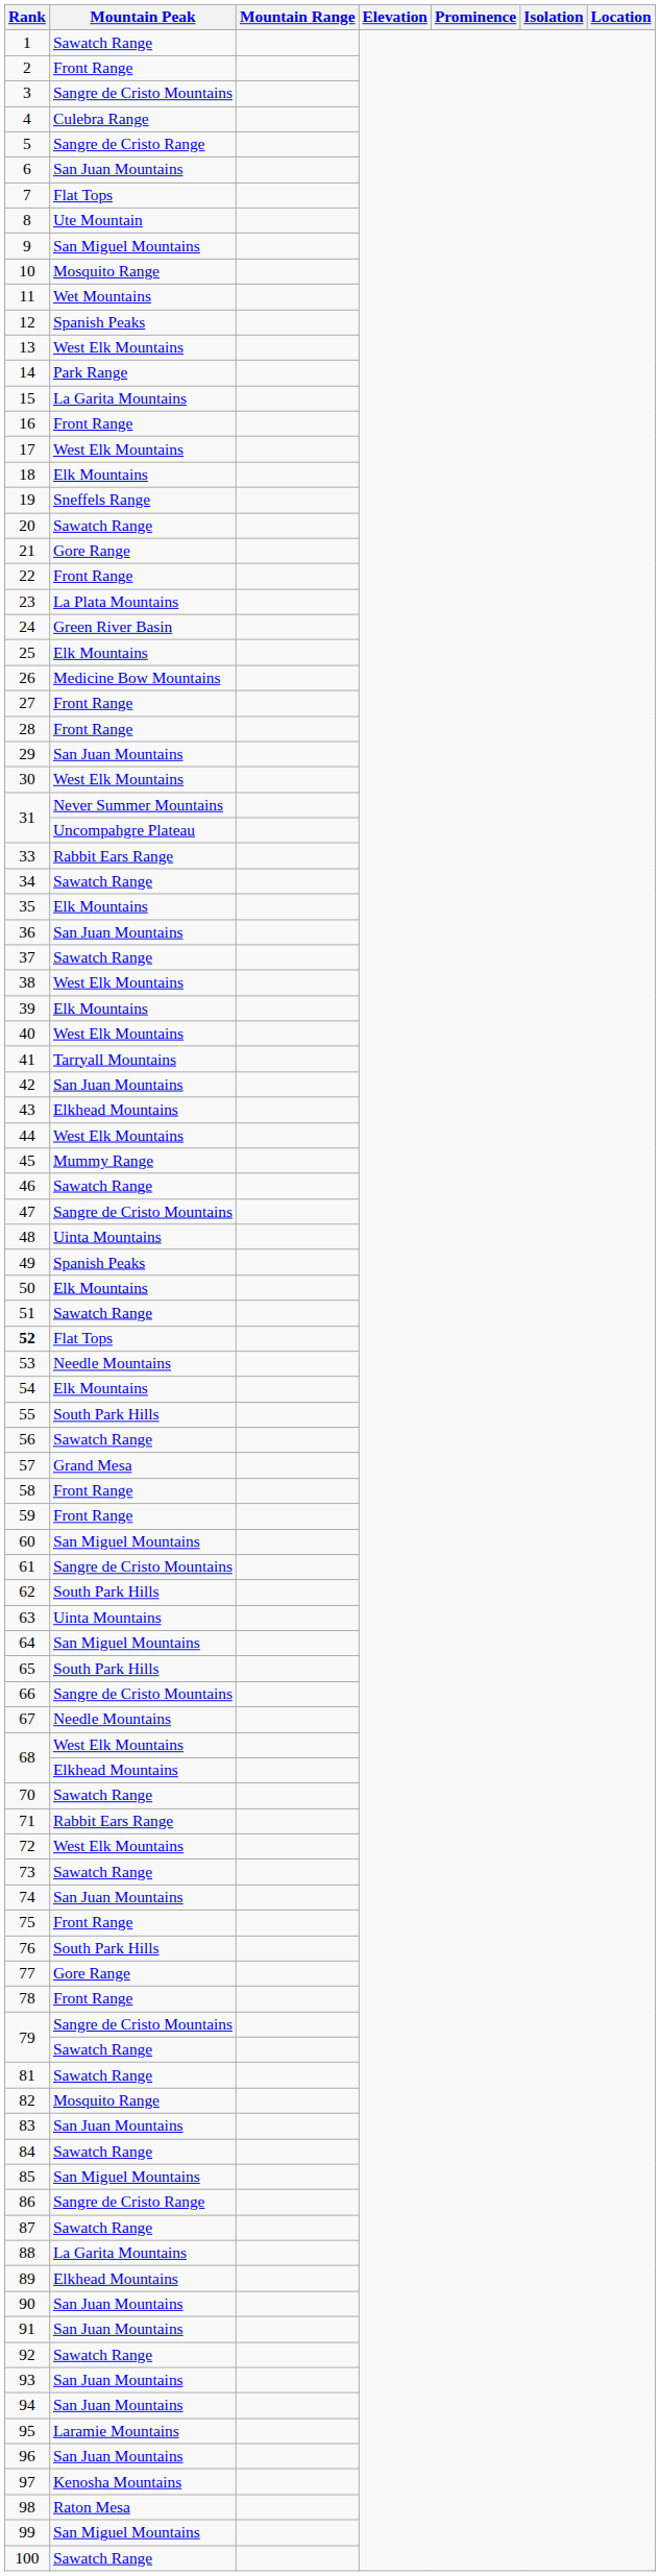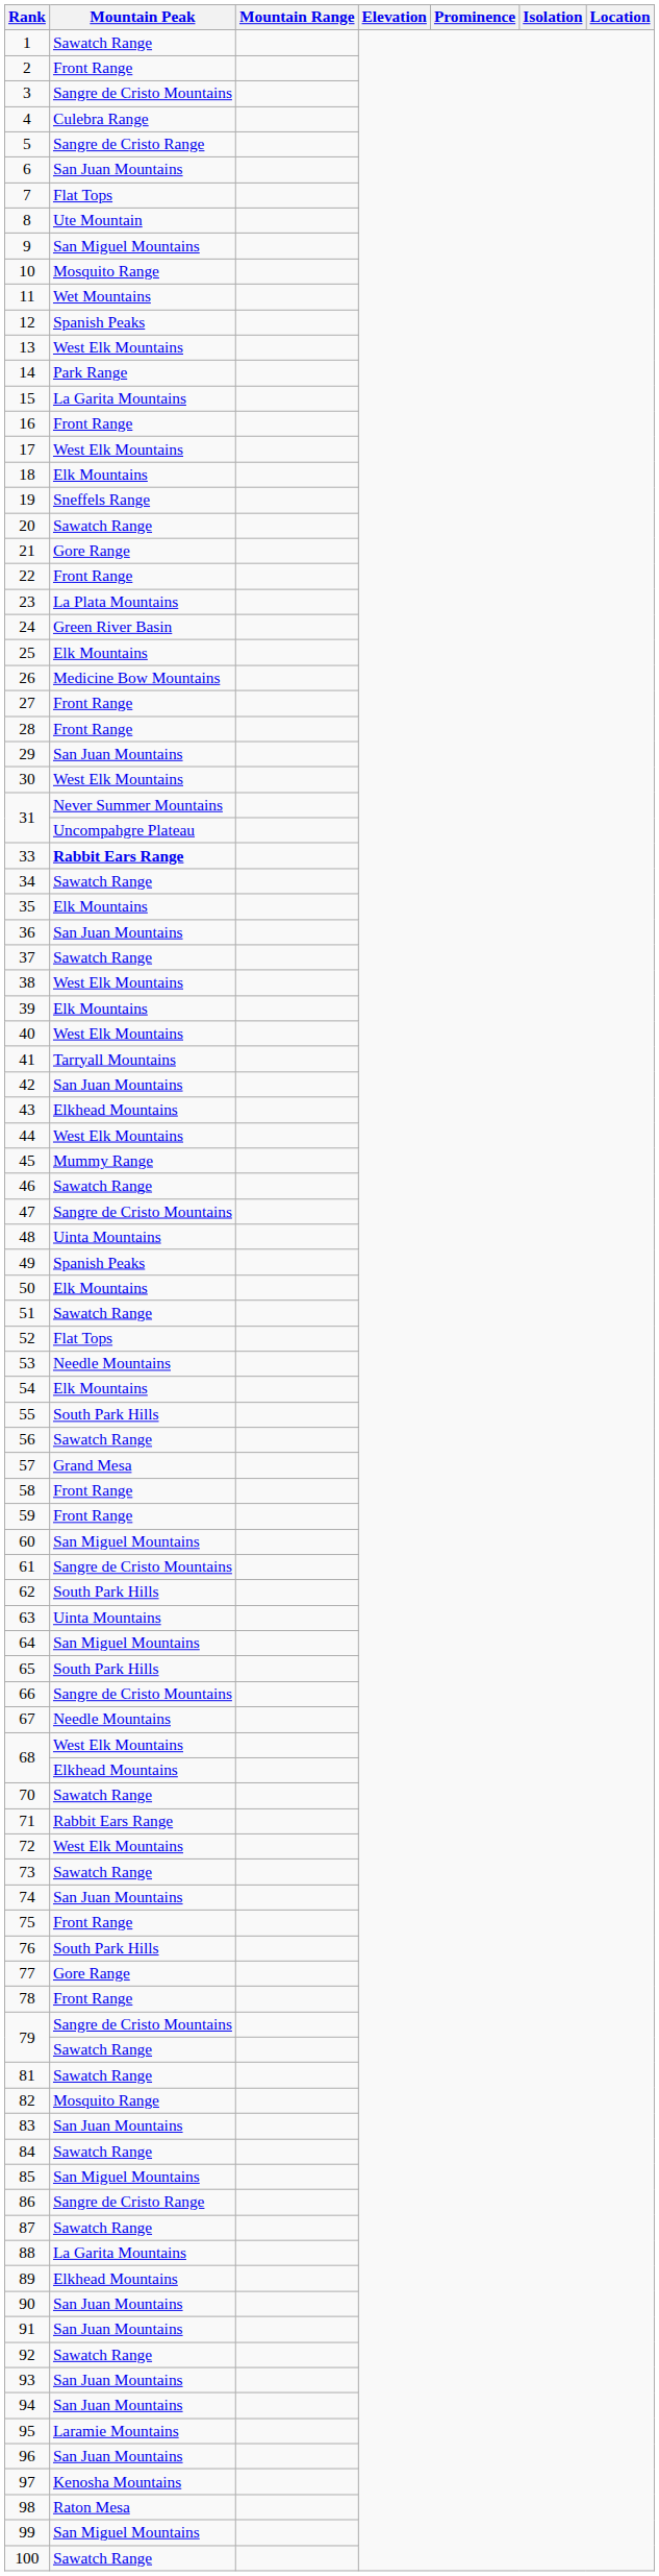 <table class="wikitable sortable">
 <tr>
 <th><a href='#'>Rank</a></th>
 <th><a href='#'>Mountain Peak</a></th>
 <th><a href='#'>Mountain Range</a></th>
 <th><a href='#'>Elevation</a></th>
 <th><a href='#'>Prominence</a></th>
 <th><a href='#'>Isolation</a></th>
 <th><a href='#'>Location</a></th>
 </tr>
 <tr>
 <td align=center>1<br></td>
 <td><a href='#'>Sawatch Range</a><br></td>
 <td></td>
 </tr>
 <tr>
 <td align=center>2<br></td>
 <td><a href='#'>Front Range</a><br></td>
 <td></td>
 </tr>
 <tr>
 <td align=center>3<br></td>
 <td><a href='#'>Sangre de Cristo Mountains</a><br></td>
 <td></td>
 </tr>
 <tr>
 <td align=center>4<br></td>
 <td><a href='#'>Culebra Range</a><br></td>
 <td></td>
 </tr>
 <tr>
 <td align=center>5<br></td>
 <td><a href='#'>Sangre de Cristo Range</a><br></td>
 <td></td>
 </tr>
 <tr>
 <td align=center>6<br></td>
 <td><a href='#'>San Juan Mountains</a><br></td>
 <td></td>
 </tr>
 <tr>
 <td align=center>7<br></td>
 <td><a href='#'>Flat Tops</a><br></td>
 <td></td>
 </tr>
 <tr>
 <td align=center>8<br></td>
 <td><a href='#'>Ute Mountain</a><br></td>
 <td></td>
 </tr>
 <tr>
 <td align=center>9<br></td>
 <td><a href='#'>San Miguel Mountains</a><br></td>
 <td></td>
 </tr>
 <tr>
 <td align=center>10<br></td>
 <td><a href='#'>Mosquito Range</a><br></td>
 <td></td>
 </tr>
 <tr>
 <td align=center>11<br></td>
 <td><a href='#'>Wet Mountains</a><br></td>
 <td></td>
 </tr>
 <tr>
 <td align=center>12<br></td>
 <td><a href='#'>Spanish Peaks</a><br></td>
 <td></td>
 </tr>
 <tr>
 <td align=center>13<br></td>
 <td><a href='#'>West Elk Mountains</a><br></td>
 <td></td>
 </tr>
 <tr>
 <td align=center>14<br></td>
 <td><a href='#'>Park Range</a><br></td>
 <td></td>
 </tr>
 <tr>
 <td align=center>15<br></td>
 <td><a href='#'>La Garita Mountains</a><br></td>
 <td></td>
 </tr>
 <tr>
 <td align=center>16<br></td>
 <td><a href='#'>Front Range</a><br></td>
 <td></td>
 </tr>
 <tr>
 <td align=center>17<br></td>
 <td><a href='#'>West Elk Mountains</a><br></td>
 <td></td>
 </tr>
 <tr>
 <td align=center>18<br></td>
 <td><a href='#'>Elk Mountains</a><br></td>
 <td></td>
 </tr>
 <tr>
 <td align=center>19<br></td>
 <td><a href='#'>Sneffels Range</a><br></td>
 <td></td>
 </tr>
 <tr>
 <td align=center>20<br></td>
 <td><a href='#'>Sawatch Range</a><br></td>
 <td></td>
 </tr>
 <tr>
 <td align=center>21<br></td>
 <td><a href='#'>Gore Range</a><br></td>
 <td></td>
 </tr>
 <tr>
 <td align=center>22<br></td>
 <td><a href='#'>Front Range</a><br></td>
 <td></td>
 </tr>
 <tr>
 <td align=center>23<br></td>
 <td><a href='#'>La Plata Mountains</a><br></td>
 <td></td>
 </tr>
 <tr>
 <td align=center>24<br></td>
 <td><a href='#'>Green River Basin</a><br></td>
 <td></td>
 </tr>
 <tr>
 <td align=center>25<br></td>
 <td><a href='#'>Elk Mountains</a><br></td>
 <td></td>
 </tr>
 <tr>
 <td align=center>26<br></td>
 <td><a href='#'>Medicine Bow Mountains</a><br></td>
 <td></td>
 </tr>
 <tr>
 <td align=center>27<br></td>
 <td><a href='#'>Front Range</a><br></td>
 <td></td>
 </tr>
 <tr>
 <td align=center>28<br></td>
 <td><a href='#'>Front Range</a><br></td>
 <td></td>
 </tr>
 <tr>
 <td align=center>29<br></td>
 <td><a href='#'>San Juan Mountains</a><br></td>
 <td></td>
 </tr>
 <tr>
 <td align=center>30<br></td>
 <td><a href='#'>West Elk Mountains</a><br></td>
 <td></td>
 </tr>
 <tr>
 <td align=center rowspan=2>31<br></td>
 <td><a href='#'>Never Summer Mountains</a><br></td>
 <td></td>
 </tr>
 <tr>
 <td><a href='#'>Uncompahgre Plateau</a><br></td>
 <td></td>
 </tr>
 <tr>
 <td align=center>33<br></td>
-<td><a href='#'>Rabbit Ears Range</a><br></td>
+<td><strong><a href='#'>Rabbit Ears Range</a><br></strong></td>
 <td></td>
 </tr>
 <tr>
 <td align=center>34<br></td>
 <td><a href='#'>Sawatch Range</a><br></td>
 <td></td>
 </tr>
 <tr>
 <td align=center>35<br></td>
 <td><a href='#'>Elk Mountains</a><br></td>
 <td></td>
 </tr>
 <tr>
 <td align=center>36<br></td>
 <td><a href='#'>San Juan Mountains</a><br></td>
 <td></td>
 </tr>
 <tr>
 <td align=center>37<br></td>
 <td><a href='#'>Sawatch Range</a><br></td>
 <td></td>
 </tr>
 <tr>
 <td align=center>38<br></td>
 <td><a href='#'>West Elk Mountains</a><br></td>
 <td></td>
 </tr>
 <tr>
 <td align=center>39<br></td>
 <td><a href='#'>Elk Mountains</a><br></td>
 <td></td>
 </tr>
 <tr>
 <td align=center>40<br></td>
 <td><a href='#'>West Elk Mountains</a><br></td>
 <td></td>
 </tr>
 <tr>
 <td align=center>41<br></td>
 <td><a href='#'>Tarryall Mountains</a><br></td>
 <td></td>
 </tr>
 <tr>
 <td align=center>42<br></td>
 <td><a href='#'>San Juan Mountains</a><br></td>
 <td></td>
 </tr>
 <tr>
 <td align=center>43<br></td>
 <td><a href='#'>Elkhead Mountains</a><br></td>
 <td></td>
 </tr>
 <tr>
 <td align=center>44<br></td>
 <td><a href='#'>West Elk Mountains</a><br></td>
 <td></td>
 </tr>
 <tr>
 <td align=center>45<br></td>
 <td><a href='#'>Mummy Range</a><br></td>
 <td></td>
 </tr>
 <tr>
 <td align=center>46<br></td>
 <td><a href='#'>Sawatch Range</a><br></td>
 <td></td>
 </tr>
 <tr>
 <td align=center>47<br></td>
 <td><a href='#'>Sangre de Cristo Mountains</a><br></td>
 <td></td>
 </tr>
 <tr>
 <td align=center>48<br></td>
 <td><a href='#'>Uinta Mountains</a><br></td>
 <td></td>
 </tr>
 <tr>
 <td align=center>49<br></td>
 <td><a href='#'>Spanish Peaks</a><br></td>
 <td></td>
 </tr>
 <tr>
 <td align=center>50<br></td>
 <td><a href='#'>Elk Mountains</a><br></td>
 <td></td>
 </tr>
 <tr>
 <td align=center>51<br></td>
 <td><a href='#'>Sawatch Range</a><br></td>
 <td></td>
 </tr>
 <tr>
-<td align=center><strong>52<br></strong></td>
+<td align=center>52<br></td>
 <td><a href='#'>Flat Tops</a><br></td>
 <td></td>
 </tr>
 <tr>
 <td align=center>53<br></td>
 <td><a href='#'>Needle Mountains</a><br></td>
 <td></td>
 </tr>
 <tr>
 <td align=center>54<br></td>
 <td><a href='#'>Elk Mountains</a><br></td>
 <td></td>
 </tr>
 <tr>
 <td align=center>55<br></td>
 <td><a href='#'>South Park Hills</a><br></td>
 <td></td>
 </tr>
 <tr>
 <td align=center>56<br></td>
 <td><a href='#'>Sawatch Range</a><br></td>
 <td></td>
 </tr>
 <tr>
 <td align=center>57<br></td>
 <td><a href='#'>Grand Mesa</a><br></td>
 <td></td>
 </tr>
 <tr>
 <td align=center>58<br></td>
 <td><a href='#'>Front Range</a><br></td>
 <td></td>
 </tr>
 <tr>
 <td align=center>59<br></td>
 <td><a href='#'>Front Range</a><br></td>
 <td></td>
 </tr>
 <tr>
 <td align=center>60<br></td>
 <td><a href='#'>San Miguel Mountains</a><br></td>
 <td></td>
 </tr>
 <tr>
 <td align=center>61<br></td>
 <td><a href='#'>Sangre de Cristo Mountains</a><br></td>
 <td></td>
 </tr>
 <tr>
 <td align=center>62<br></td>
 <td><a href='#'>South Park Hills</a><br></td>
 <td></td>
 </tr>
 <tr>
 <td align=center>63<br></td>
 <td><a href='#'>Uinta Mountains</a><br></td>
 <td></td>
 </tr>
 <tr>
 <td align=center>64<br></td>
 <td><a href='#'>San Miguel Mountains</a><br></td>
 <td></td>
 </tr>
 <tr>
 <td align=center>65<br></td>
 <td><a href='#'>South Park Hills</a><br></td>
 <td></td>
 </tr>
 <tr>
 <td align=center>66<br></td>
 <td><a href='#'>Sangre de Cristo Mountains</a><br></td>
 <td></td>
 </tr>
 <tr>
 <td align=center>67<br></td>
 <td><a href='#'>Needle Mountains</a><br></td>
 <td></td>
 </tr>
 <tr>
 <td align=center rowspan=2>68<br></td>
 <td><a href='#'>West Elk Mountains</a><br></td>
 <td></td>
 </tr>
 <tr>
 <td><a href='#'>Elkhead Mountains</a><br></td>
 <td></td>
 </tr>
 <tr>
 <td align=center>70<br></td>
 <td><a href='#'>Sawatch Range</a><br></td>
 <td></td>
 </tr>
 <tr>
 <td align=center>71<br></td>
 <td><a href='#'>Rabbit Ears Range</a><br></td>
 <td></td>
 </tr>
 <tr>
 <td align=center>72<br></td>
 <td><a href='#'>West Elk Mountains</a><br></td>
 <td></td>
 </tr>
 <tr>
 <td align=center>73<br></td>
 <td><a href='#'>Sawatch Range</a><br></td>
 <td></td>
 </tr>
 <tr>
 <td align=center>74<br></td>
 <td><a href='#'>San Juan Mountains</a><br></td>
 <td></td>
 </tr>
 <tr>
 <td align=center>75<br></td>
 <td><a href='#'>Front Range</a><br></td>
 <td></td>
 </tr>
 <tr>
 <td align=center>76<br></td>
 <td><a href='#'>South Park Hills</a><br></td>
 <td></td>
 </tr>
 <tr>
 <td align=center>77<br></td>
 <td><a href='#'>Gore Range</a><br></td>
 <td></td>
 </tr>
 <tr>
 <td align=center>78<br></td>
 <td><a href='#'>Front Range</a><br></td>
 <td></td>
 </tr>
 <tr>
 <td align=center rowspan=2>79<br></td>
 <td><a href='#'>Sangre de Cristo Mountains</a><br></td>
 <td></td>
 </tr>
 <tr>
 <td><a href='#'>Sawatch Range</a><br></td>
 <td></td>
 </tr>
 <tr>
 <td align=center>81<br></td>
 <td><a href='#'>Sawatch Range</a><br></td>
 <td></td>
 </tr>
 <tr>
 <td align=center>82<br></td>
 <td><a href='#'>Mosquito Range</a><br></td>
 <td></td>
 </tr>
 <tr>
 <td align=center>83<br></td>
 <td><a href='#'>San Juan Mountains</a><br></td>
 <td></td>
 </tr>
 <tr>
 <td align=center>84<br></td>
 <td><a href='#'>Sawatch Range</a><br></td>
 <td></td>
 </tr>
 <tr>
 <td align=center>85<br></td>
 <td><a href='#'>San Miguel Mountains</a><br></td>
 <td></td>
 </tr>
 <tr>
 <td align=center>86<br></td>
 <td><a href='#'>Sangre de Cristo Range</a><br></td>
 <td></td>
 </tr>
 <tr>
 <td align=center>87<br></td>
 <td><a href='#'>Sawatch Range</a><br></td>
 <td></td>
 </tr>
 <tr>
 <td align=center>88<br></td>
 <td><a href='#'>La Garita Mountains</a><br></td>
 <td></td>
 </tr>
 <tr>
 <td align=center>89<br></td>
 <td><a href='#'>Elkhead Mountains</a><br></td>
 <td></td>
 </tr>
 <tr>
 <td align=center>90<br></td>
 <td><a href='#'>San Juan Mountains</a><br></td>
 <td></td>
 </tr>
 <tr>
 <td align=center>91<br></td>
 <td><a href='#'>San Juan Mountains</a><br></td>
 <td></td>
 </tr>
 <tr>
 <td align=center>92<br></td>
 <td><a href='#'>Sawatch Range</a><br></td>
 <td></td>
 </tr>
 <tr>
 <td align=center>93<br></td>
 <td><a href='#'>San Juan Mountains</a><br></td>
 <td></td>
 </tr>
 <tr>
 <td align=center>94<br></td>
 <td><a href='#'>San Juan Mountains</a><br></td>
 <td></td>
 </tr>
 <tr>
 <td align=center>95<br></td>
 <td><a href='#'>Laramie Mountains</a><br></td>
 <td></td>
 </tr>
 <tr>
 <td align=center>96<br></td>
 <td><a href='#'>San Juan Mountains</a><br></td>
 <td></td>
 </tr>
 <tr>
 <td align=center>97<br></td>
 <td><a href='#'>Kenosha Mountains</a><br></td>
 <td></td>
 </tr>
 <tr>
 <td align=center>98<br></td>
 <td><a href='#'>Raton Mesa</a><br></td>
 <td></td>
 </tr>
 <tr>
 <td align=center>99<br></td>
 <td><a href='#'>San Miguel Mountains</a><br></td>
 <td></td>
 </tr>
 <tr>
 <td align=center>100<br></td>
 <td><a href='#'>Sawatch Range</a><br></td>
 <td></td>
 </tr>
 </table>
